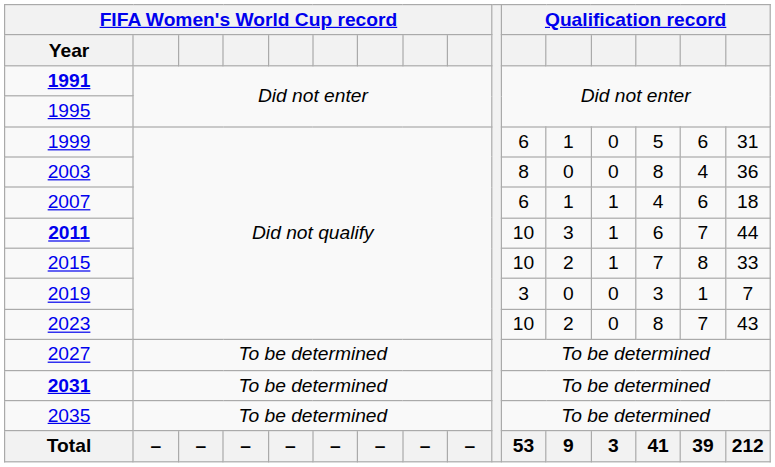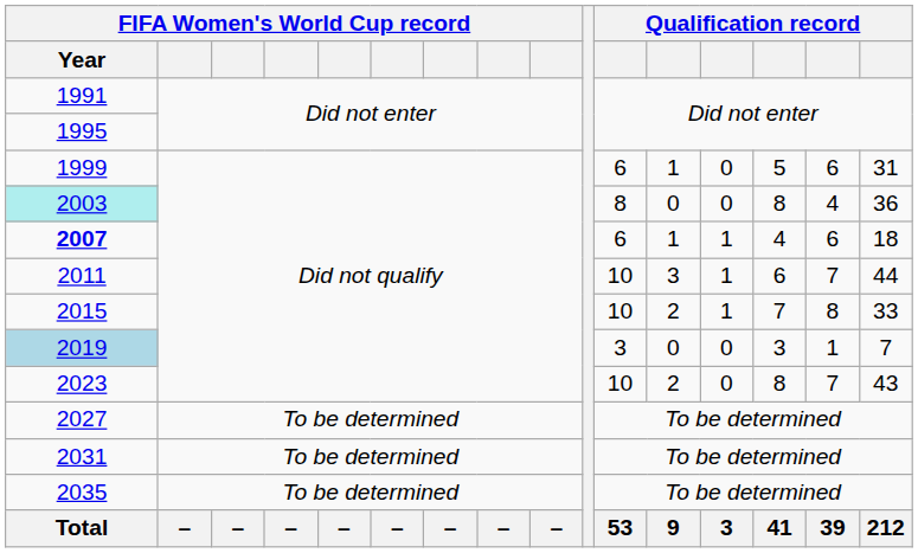 <table class="wikitable" style="text-align: center;">
 <tr>
 <th colspan=9><a href='#'>FIFA Women's World Cup record</a></th>
 <th rowspan=100></th>
 <th colspan=6><a href='#'>Qualification record</a></th>
 </tr>
 <tr>
 <th width=100>Year</th>
 <th width=30></th>
 <th width=30></th>
 <th width=30></th>
 <th width=30></th>
 <th width=30></th>
 <th width=30></th>
 <th width=30></th>
 <th width=30><br></th>
 <th width=30></th>
 <th width=30></th>
 <th width=30></th>
 <th width=30></th>
 <th width=30></th>
 <th width=30></th>
 </tr>
 <tr>
-<td><strong> <a href='#'>1991</a></strong></td>
+<td> <a href='#'>1991</a></td>
 <td rowspan=2 colspan=8><em>Did not enter</em></td>
 <td rowspan=2 colspan=6><em>Did not enter</em></td>
 </tr>
 <tr>
 <td> <a href='#'>1995</a></td>
 </tr>
 <tr>
 <td> <a href='#'>1999</a></td>
 <td rowspan=7 colspan=8><em>Did not qualify</em></td>
 <td>6</td>
 <td>1</td>
 <td>0</td>
 <td>5</td>
 <td>6</td>
 <td>31</td>
 </tr>
 <tr>
-<td> <a href='#'>2003</a></td>
+<td style="background: paleturquoise;"> <a href='#'>2003</a></td>
 <td>8</td>
 <td>0</td>
 <td>0</td>
 <td>8</td>
 <td>4</td>
 <td>36</td>
 </tr>
 <tr>
-<td> <a href='#'>2007</a></td>
+<td><strong> <a href='#'>2007</a></strong></td>
 <td>6</td>
 <td>1</td>
 <td>1</td>
 <td>4</td>
 <td>6</td>
 <td>18</td>
 </tr>
 <tr>
-<td><strong> <a href='#'>2011</a></strong></td>
+<td> <a href='#'>2011</a></td>
 <td>10</td>
 <td>3</td>
 <td>1</td>
 <td>6</td>
 <td>7</td>
 <td>44</td>
 </tr>
 <tr>
 <td> <a href='#'>2015</a></td>
 <td>10</td>
 <td>2</td>
 <td>1</td>
 <td>7</td>
 <td>8</td>
 <td>33</td>
 </tr>
 <tr>
-<td> <a href='#'>2019</a></td>
+<td style="background: lightblue;"> <a href='#'>2019</a></td>
 <td>3</td>
 <td>0</td>
 <td>0</td>
 <td>3</td>
 <td>1</td>
 <td>7</td>
 </tr>
 <tr>
 <td>  <a href='#'>2023</a></td>
 <td>10</td>
 <td>2</td>
 <td>0</td>
 <td>8</td>
 <td>7</td>
 <td>43</td>
 </tr>
 <tr>
 <td> <a href='#'>2027</a></td>
 <td colspan=8><em>To be determined</em></td>
 <td colspan=6><em>To be determined</em></td>
 </tr>
 <tr>
-<td><strong>  <a href='#'>2031</a></strong></td>
+<td>  <a href='#'>2031</a></td>
 <td colspan=8><em>To be determined</em></td>
 <td colspan=6><em>To be determined</em></td>
 </tr>
 <tr>
 <td> <a href='#'>2035</a></td>
 <td colspan=8><em>To be determined</em></td>
 <td colspan=6><em>To be determined</em></td>
 </tr>
 <tr>
 <th>Total</th>
 <th>–</th>
 <th>–</th>
 <th>–</th>
 <th>–</th>
 <th>–</th>
 <th>–</th>
 <th>–</th>
 <th>–</th>
 <th>53</th>
 <th>9</th>
 <th>3</th>
 <th>41</th>
 <th>39</th>
 <th>212</th>
 </tr>
 </table>
